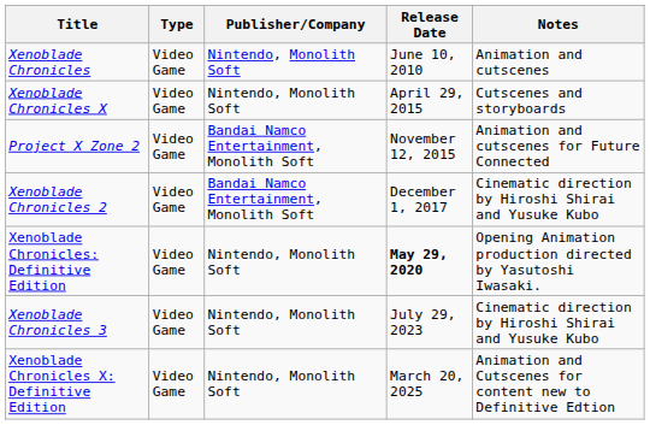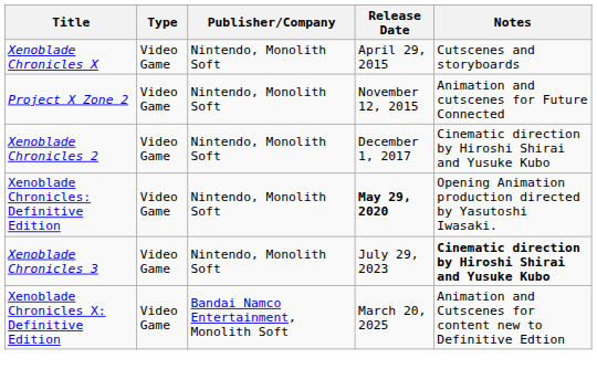 <table class="wikitable">
 <tr>
 <th>Title</th>
 <th>Type</th>
 <th>Publisher/Company</th>
 <th>Release Date</th>
 <th>Notes</th>
-</tr>
-<tr>
-<td><em><a href='#'>Xenoblade Chronicles</a></em></td>
-<td>Video Game</td>
-<td><a href='#'>Nintendo</a>, <a href='#'>Monolith Soft</a></td>
-<td><div>June 10, 2010</div></td>
-<td style="text-align:left;">Animation and cutscenes</td>
 </tr>
 <tr>
 <td><em><a href='#'>Xenoblade Chronicles X</a></em></td>
 <td>Video Game</td>
 <td>Nintendo, Monolith Soft</td>
 <td><div>April 29, 2015</div></td>
 <td style="text-align:left;">Cutscenes and storyboards</td>
 </tr>
 <tr>
 <td><em><a href='#'>Project X Zone 2</a></em></td>
 <td>Video Game</td>
-<td><a href='#'>Bandai Namco Entertainment</a>, Monolith Soft</td>
+<td>Nintendo, Monolith Soft</td>
 <td><div>November 12, 2015</div></td>
 <td style="text-align: left;">Animation and cutscenes for Future Connected</td>
 </tr>
 <tr>
 <td><em><a href='#'>Xenoblade Chronicles 2</a></em></td>
 <td>Video Game</td>
-<td><a href='#'>Bandai Namco Entertainment</a>, Monolith Soft</td>
+<td>Nintendo, Monolith Soft</td>
 <td><div>December 1, 2017</div></td>
 <td style="text-align:left;">Cinematic direction by Hiroshi Shirai and Yusuke Kubo</td>
 </tr>
 <tr>
 <td><a href='#'>Xenoblade Chronicles: Definitive Edition</a></td>
 <td>Video Game</td>
 <td>Nintendo, Monolith Soft</td>
 <td><strong><div>May 29, 2020</div></strong></td>
 <td style="text-align:left;">Opening Animation production directed by Yasutoshi Iwasaki. </td>
 </tr>
 <tr>
 <td><em><a href='#'>Xenoblade Chronicles 3</a></em></td>
 <td>Video Game</td>
 <td>Nintendo, Monolith Soft</td>
 <td><div>July 29, 2023</div></td>
-<td style="text-align:left;">Cinematic direction by Hiroshi Shirai and Yusuke Kubo</td>
+<td style="text-align:left;"><strong>Cinematic direction by Hiroshi Shirai and Yusuke Kubo</strong></td>
 </tr>
 <tr>
 <td><a href='#'>Xenoblade Chronicles X: Definitive Edition</a></td>
 <td>Video Game</td>
-<td>Nintendo, Monolith Soft</td>
+<td><a href='#'>Bandai Namco Entertainment</a>, Monolith Soft</td>
 <td><div>March 20, 2025</div></td>
 <td style="text-align: left;">Animation and Cutscenes for content new to Definitive Edtion</td>
 </tr>
 </table>
